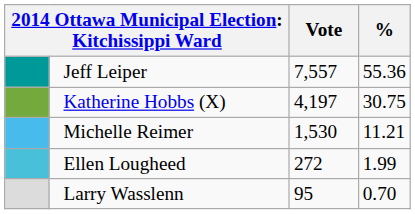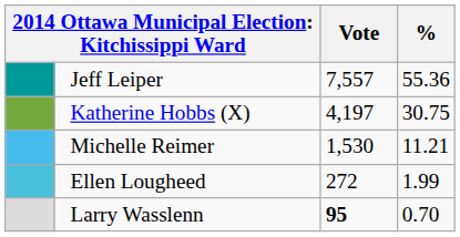 <table class="wikitable">
 <tr>
 <th bgcolor="#DDDDFF" width="230px" colspan="2"><a href='#'>2014 Ottawa Municipal Election</a>: <a href='#'>Kitchissippi Ward</a></th>
 <th bgcolor="#DDDDFF" width="50px">Vote</th>
 <th bgcolor="#DDDDFF" width="30px">%</th>
 </tr>
 <tr>
 <td bgcolor=#009999 width="30px"> </td>
 <td>  Jeff Leiper</td>
 <td>7,557</td>
 <td>55.36</td>
 </tr>
 <tr>
 <td bgcolor=#74AA3D width="30px"> </td>
 <td>  <a href='#'>Katherine Hobbs</a> (X)</td>
 <td>4,197</td>
 <td>30.75</td>
 </tr>
 <tr>
 <td bgcolor=#47BCEC width="30px"> </td>
 <td>  Michelle Reimer</td>
 <td>1,530</td>
 <td>11.21</td>
 </tr>
 <tr>
 <td bgcolor=#49C0D9 width="30px"> </td>
 <td>  Ellen Lougheed</td>
 <td>272</td>
 <td>1.99</td>
 </tr>
 <tr>
 <td bgcolor=#DCDCDC width="30px"> </td>
 <td>  Larry Wasslenn</td>
-<td>95</td>
+<td><strong>95</strong></td>
 <td>0.70</td>
 </tr>
 </table>
